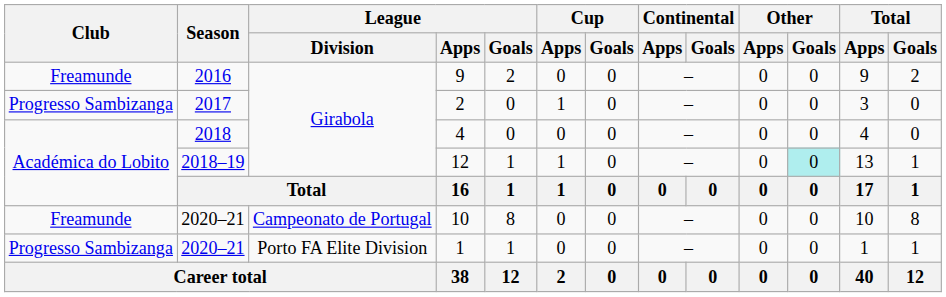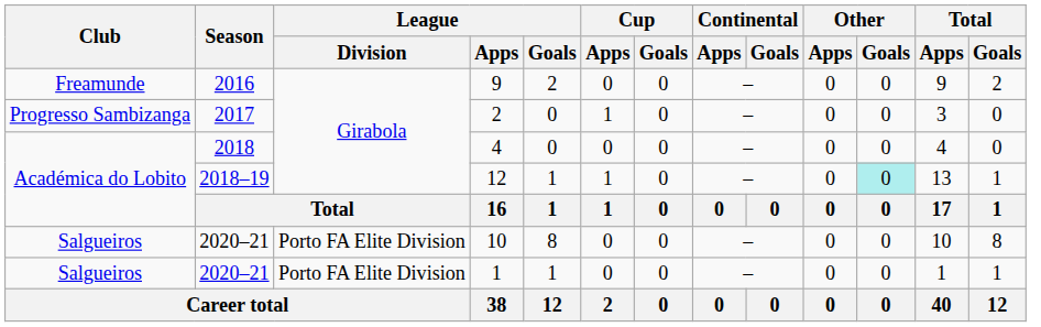 <table class="wikitable" style="text-align: center">
 <tr>
 <th rowspan="2">Club</th>
 <th rowspan="2">Season</th>
 <th colspan="3">League</th>
 <th colspan="2">Cup</th>
 <th colspan="2">Continental</th>
 <th colspan="2">Other</th>
 <th colspan="2">Total</th>
 </tr>
 <tr>
 <th>Division</th>
 <th>Apps</th>
 <th>Goals</th>
 <th>Apps</th>
 <th>Goals</th>
 <th>Apps</th>
 <th>Goals</th>
 <th>Apps</th>
 <th>Goals</th>
 <th>Apps</th>
 <th>Goals</th>
 </tr>
 <tr>
 <td><a href='#'>Freamunde</a></td>
 <td><a href='#'>2016</a></td>
 <td rowspan="4"><a href='#'>Girabola</a></td>
 <td>9</td>
 <td>2</td>
 <td>0</td>
 <td>0</td>
 <td colspan="2">–</td>
 <td>0</td>
 <td>0</td>
 <td>9</td>
 <td>2</td>
 </tr>
 <tr>
 <td><a href='#'>Progresso Sambizanga</a></td>
 <td><a href='#'>2017</a></td>
 <td>2</td>
 <td>0</td>
 <td>1</td>
 <td>0</td>
 <td colspan="2">–</td>
 <td>0</td>
 <td>0</td>
 <td>3</td>
 <td>0</td>
 </tr>
 <tr>
 <td rowspan="3"><a href='#'>Académica do Lobito</a></td>
 <td><a href='#'>2018</a></td>
 <td>4</td>
 <td>0</td>
 <td>0</td>
 <td>0</td>
 <td colspan="2">–</td>
 <td>0</td>
 <td>0</td>
 <td>4</td>
 <td>0</td>
 </tr>
 <tr>
 <td><a href='#'>2018–19</a></td>
 <td>12</td>
 <td>1</td>
 <td>1</td>
 <td>0</td>
 <td colspan="2">–</td>
 <td>0</td>
 <td style="background: paleturquoise;">0</td>
 <td>13</td>
 <td>1</td>
 </tr>
 <tr>
 <th colspan="2"><strong>Total</strong></th>
 <th>16</th>
 <th>1</th>
 <th>1</th>
 <th>0</th>
 <th>0</th>
 <th>0</th>
 <th>0</th>
 <th>0</th>
 <th>17</th>
 <th>1</th>
 </tr>
 <tr>
-<td><a href='#'>Freamunde</a></td>
+<td><a href='#'>Salgueiros</a></td>
 <td>2020–21</td>
-<td><a href='#'>Campeonato de Portugal</a></td>
+<td>Porto FA Elite Division</td>
 <td>10</td>
 <td>8</td>
 <td>0</td>
 <td>0</td>
 <td colspan="2">–</td>
 <td>0</td>
 <td>0</td>
 <td>10</td>
 <td>8</td>
 </tr>
 <tr>
-<td><a href='#'>Progresso Sambizanga</a></td>
+<td><a href='#'>Salgueiros</a></td>
 <td><a href='#'>2020–21</a></td>
 <td>Porto FA Elite Division</td>
 <td>1</td>
 <td>1</td>
 <td>0</td>
 <td>0</td>
 <td colspan="2">–</td>
 <td>0</td>
 <td>0</td>
 <td>1</td>
 <td>1</td>
 </tr>
 <tr>
 <th colspan="3"><strong>Career total</strong></th>
 <th>38</th>
 <th>12</th>
 <th>2</th>
 <th>0</th>
 <th>0</th>
 <th>0</th>
 <th>0</th>
 <th>0</th>
 <th>40</th>
 <th>12</th>
 </tr>
 </table>
